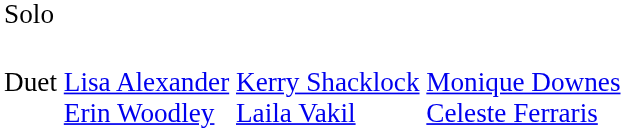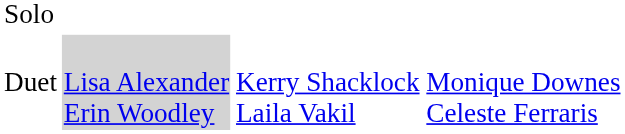 <table>
 <tr>
 <td>Solo<br></td>
 <td></td>
 <td></td>
 <td></td>
 </tr>
 <tr>
 <td>Duet<br></td>
-<td><br><a href='#'>Lisa Alexander</a><br><a href='#'>Erin Woodley</a></td>
+<td style="background: lightgrey;"><br><a href='#'>Lisa Alexander</a><br><a href='#'>Erin Woodley</a></td>
 <td><br><a href='#'>Kerry Shacklock</a><br><a href='#'>Laila Vakil</a></td>
 <td><br><a href='#'>Monique Downes</a><br><a href='#'>Celeste Ferraris</a></td>
 </tr>
 </table>
